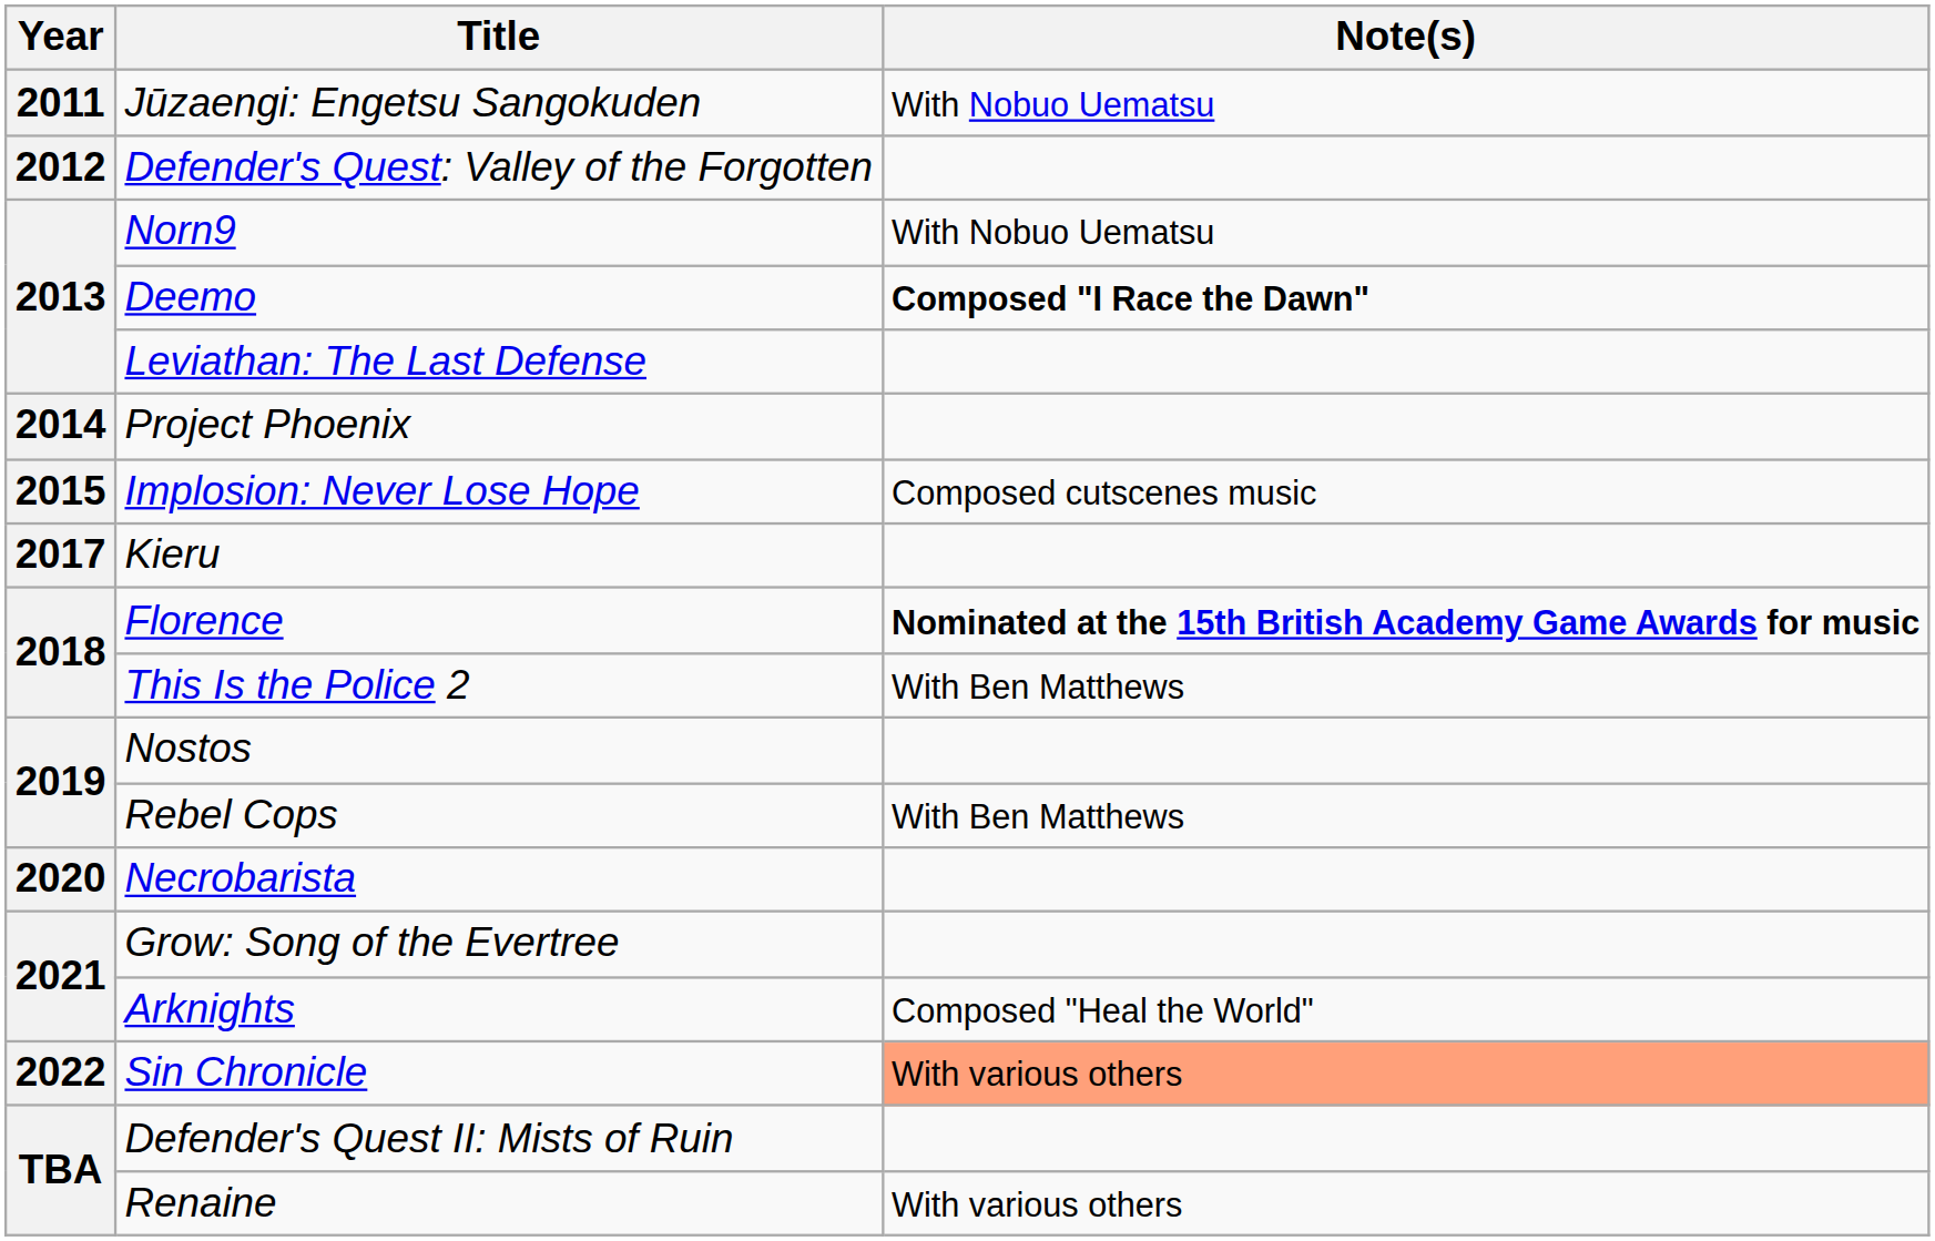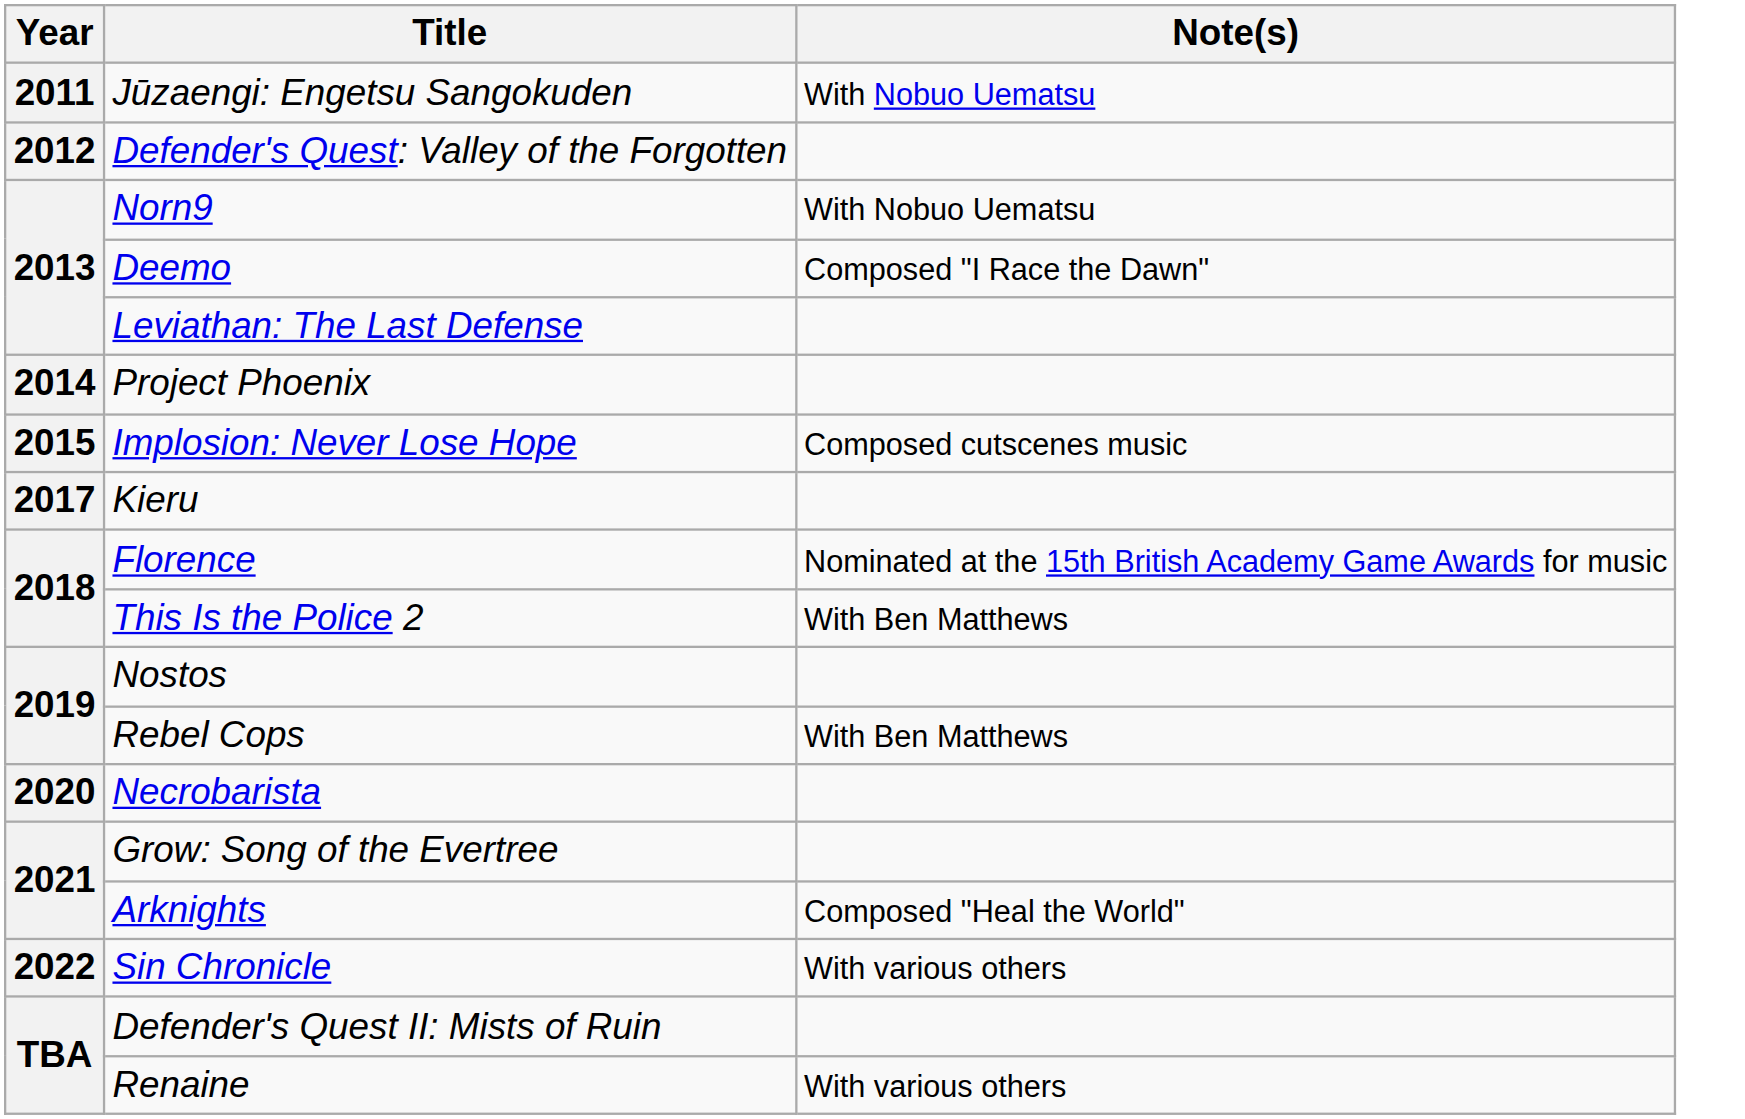 <table class="wikitable sortable">
 <tr>
 <th>Year</th>
 <th>Title</th>
 <th class="unsortable">Note(s)</th>
 </tr>
 <tr>
 <th rowspan="1">2011</th>
 <td><em>Jūzaengi: Engetsu Sangokuden</em></td>
 <td><small>With <a href='#'>Nobuo Uematsu</a></small></td>
 </tr>
 <tr>
 <th rowspan="1">2012</th>
 <td><em><a href='#'>Defender's Quest</a>: Valley of the Forgotten</em></td>
 <td></td>
 </tr>
 <tr>
 <th rowspan="3">2013</th>
 <td><em><a href='#'>Norn9</a></em></td>
 <td><small>With Nobuo Uematsu</small></td>
 </tr>
 <tr>
 <td><em><a href='#'>Deemo</a></em></td>
-<td><strong><small>Composed "I Race the Dawn"</small></strong></td>
+<td><small>Composed "I Race the Dawn"</small></td>
 </tr>
 <tr>
 <td><em><a href='#'>Leviathan: The Last Defense</a></em></td>
 <td></td>
 </tr>
 <tr>
 <th rowspan="1">2014</th>
 <td><em>Project Phoenix</em></td>
 <td></td>
 </tr>
 <tr>
 <th rowspan="1">2015</th>
 <td><em><a href='#'>Implosion: Never Lose Hope</a></em></td>
 <td><small>Composed cutscenes music</small></td>
 </tr>
 <tr>
 <th rowspan="1">2017</th>
 <td><em>Kieru</em></td>
 <td></td>
 </tr>
 <tr>
 <th rowspan="2">2018</th>
 <td><em><a href='#'>Florence</a></em></td>
-<td><strong><small>Nominated at the <a href='#'>15th British Academy Game Awards</a> for music</small></strong></td>
+<td><small>Nominated at the <a href='#'>15th British Academy Game Awards</a> for music</small></td>
 </tr>
 <tr>
 <td><em><a href='#'>This Is the Police</a> 2</em></td>
 <td><small>With Ben Matthews</small></td>
 </tr>
 <tr>
 <th rowspan="2">2019</th>
 <td><em>Nostos</em></td>
 <td></td>
 </tr>
 <tr>
 <td><em>Rebel Cops</em></td>
 <td><small>With Ben Matthews</small></td>
 </tr>
 <tr>
 <th rowspan="1">2020</th>
 <td><em><a href='#'>Necrobarista</a></em></td>
 <td></td>
 </tr>
 <tr>
 <th rowspan="2">2021</th>
 <td><em>Grow: Song of the Evertree</em></td>
 <td></td>
 </tr>
 <tr>
 <td><em><a href='#'>Arknights</a></em></td>
 <td><small>Composed "Heal the World"</small></td>
 </tr>
 <tr>
 <th rowspan="1">2022</th>
 <td><em><a href='#'>Sin Chronicle</a></em></td>
-<td style="background: lightsalmon;"><small>With various others</small></td>
+<td><small>With various others</small></td>
 </tr>
 <tr>
 <th rowspan="2">TBA</th>
 <td><em>Defender's Quest II: Mists of Ruin</em></td>
 <td></td>
 </tr>
 <tr>
 <td><em>Renaine</em></td>
 <td><small>With various others</small></td>
 </tr>
 </table>
